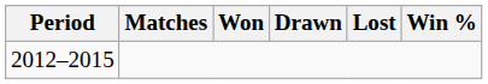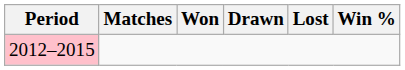 <table class="wikitable sortable" style="text-align:center;">
 <tr>
 <th>Period</th>
 <th>Matches</th>
 <th>Won</th>
 <th>Drawn</th>
 <th>Lost</th>
 <th>Win %</th>
 </tr>
 <tr>
-<td>2012–2015<br></td>
+<td style="background: pink;">2012–2015<br></td>
 </tr>
 </table>
